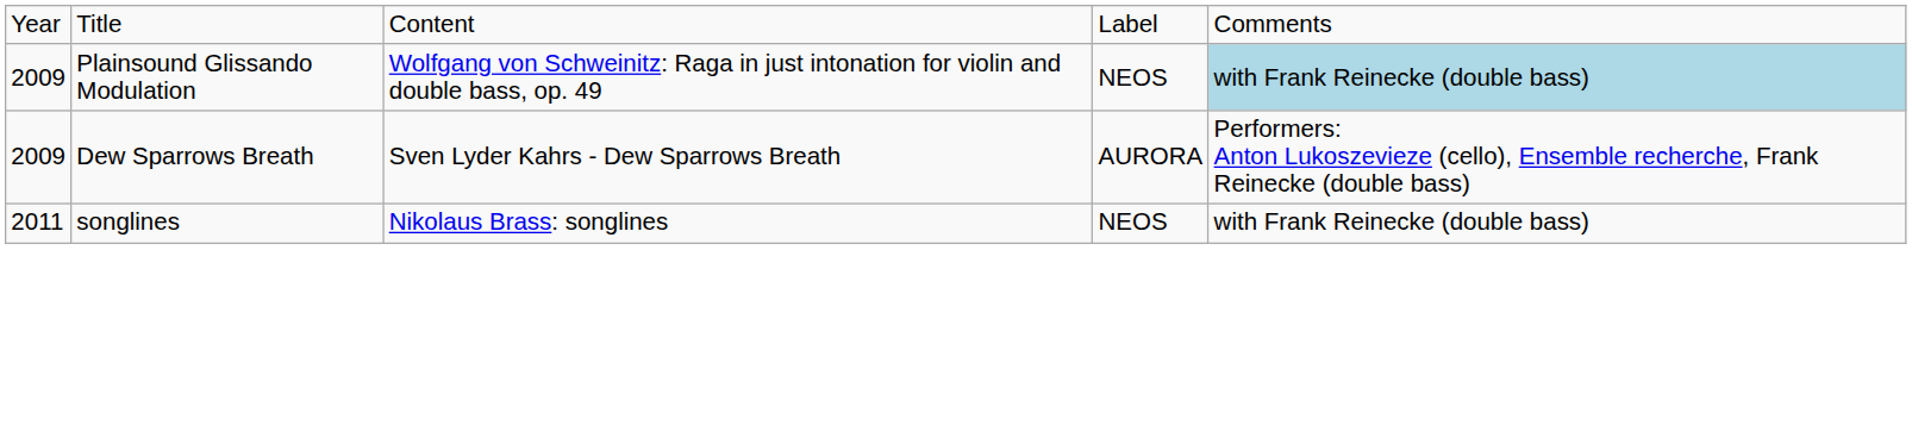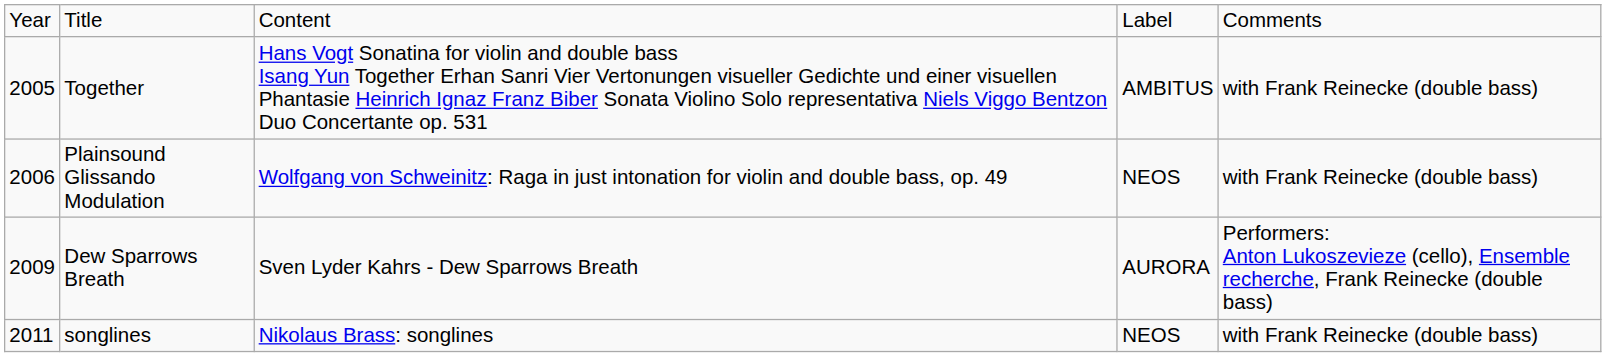 <table style="margin-bottom: 10px;" class="wikitable">
 <tr>
 <td>Year</td>
 <td>Title</td>
 <td>Content<br></td>
 <td>Label</td>
 <td>Comments</td>
 </tr>
 <tr>
-<td>2009</td>
+<td>2005</td>
+<td>Together</td>
+<td><a href='#'>Hans Vogt</a> Sonatina for violin and double bass<br><a href='#'>Isang Yun</a> Together Erhan Sanri Vier Vertonungen visueller Gedichte und einer visuellen Phantasie <a href='#'>Heinrich Ignaz Franz Biber</a> Sonata Violino Solo representativa <a href='#'>Niels Viggo Bentzon</a> Duo Concertante op. 531</td>
+<td>AMBITUS</td>
+<td>with Frank Reinecke (double bass)</td>
+</tr>
+<tr>
+<td>2006</td>
 <td>Plainsound Glissando Modulation</td>
 <td><a href='#'>Wolfgang von Schweinitz</a>: Raga in just intonation for violin and double bass, op. 49</td>
 <td>NEOS</td>
-<td style="background: lightblue;">with Frank Reinecke (double bass)</td>
+<td>with Frank Reinecke (double bass)</td>
 </tr>
 <tr>
 <td>2009</td>
 <td>Dew Sparrows Breath</td>
 <td>Sven Lyder Kahrs - Dew Sparrows Breath</td>
 <td>AURORA</td>
 <td>Performers:<br><a href='#'>Anton Lukoszevieze</a> (cello), <a href='#'>Ensemble recherche</a>, Frank Reinecke (double bass)</td>
 </tr>
 <tr>
 <td>2011</td>
 <td>songlines</td>
 <td><a href='#'>Nikolaus Brass</a>: songlines</td>
 <td>NEOS</td>
 <td>with Frank Reinecke (double bass)</td>
 </tr>
 </table>
